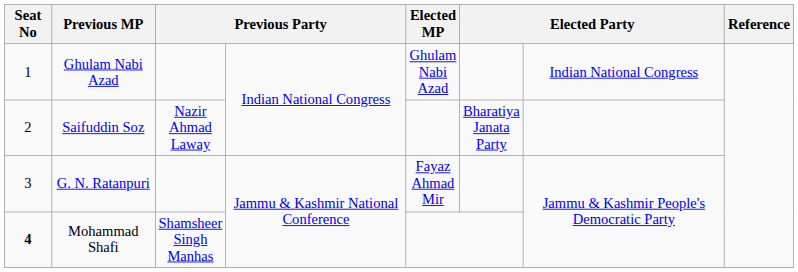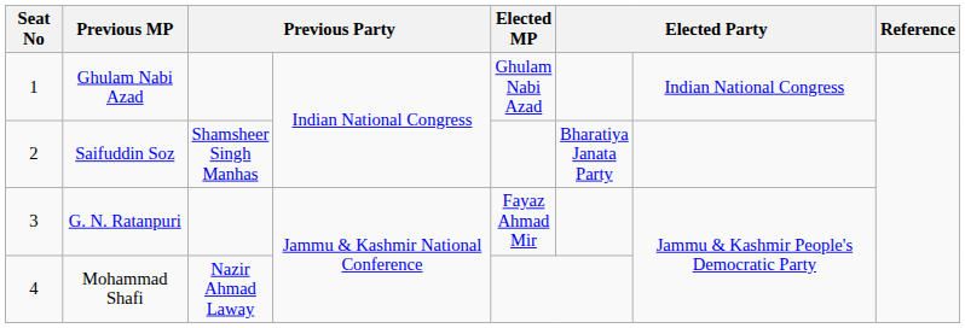 <table class="wikitable">
 <tr>
 <th>Seat No</th>
 <th>Previous MP</th>
 <th colspan=2>Previous Party</th>
 <th>Elected MP</th>
 <th colspan=2>Elected Party</th>
 <th>Reference</th>
 </tr>
 <tr style="text-align:center;">
 <td>1</td>
 <td><a href='#'>Ghulam Nabi Azad</a></td>
 <td width="1px"></td>
 <td rowspan="2"><a href='#'>Indian National Congress</a></td>
 <td><a href='#'>Ghulam Nabi Azad</a></td>
 <td></td>
 <td><a href='#'>Indian National Congress</a></td>
 <td rowspan=4></td>
 </tr>
 <tr style="text-align:center;">
 <td>2</td>
 <td><a href='#'>Saifuddin Soz</a></td>
-<td><a href='#'>Nazir Ahmad Laway</a></td>
+<td><a href='#'>Shamsheer Singh Manhas</a></td>
 <td width="1px"></td>
 <td><a href='#'>Bharatiya Janata Party</a></td>
 </tr>
 <tr style="text-align:center;">
 <td>3</td>
 <td><a href='#'>G. N. Ratanpuri</a></td>
 <td width="1px"></td>
 <td rowspan="2"><a href='#'>Jammu & Kashmir National Conference</a></td>
 <td><a href='#'>Fayaz Ahmad Mir</a></td>
 <td width="1px"></td>
 <td rowspan="2"><a href='#'>Jammu & Kashmir People's Democratic Party</a></td>
 </tr>
 <tr style="text-align:center;">
-<td><strong>4</strong></td>
+<td>4</td>
 <td>Mohammad Shafi</td>
-<td><a href='#'>Shamsheer Singh Manhas</a></td>
+<td><a href='#'>Nazir Ahmad Laway</a></td>
 </tr>
 </table>
